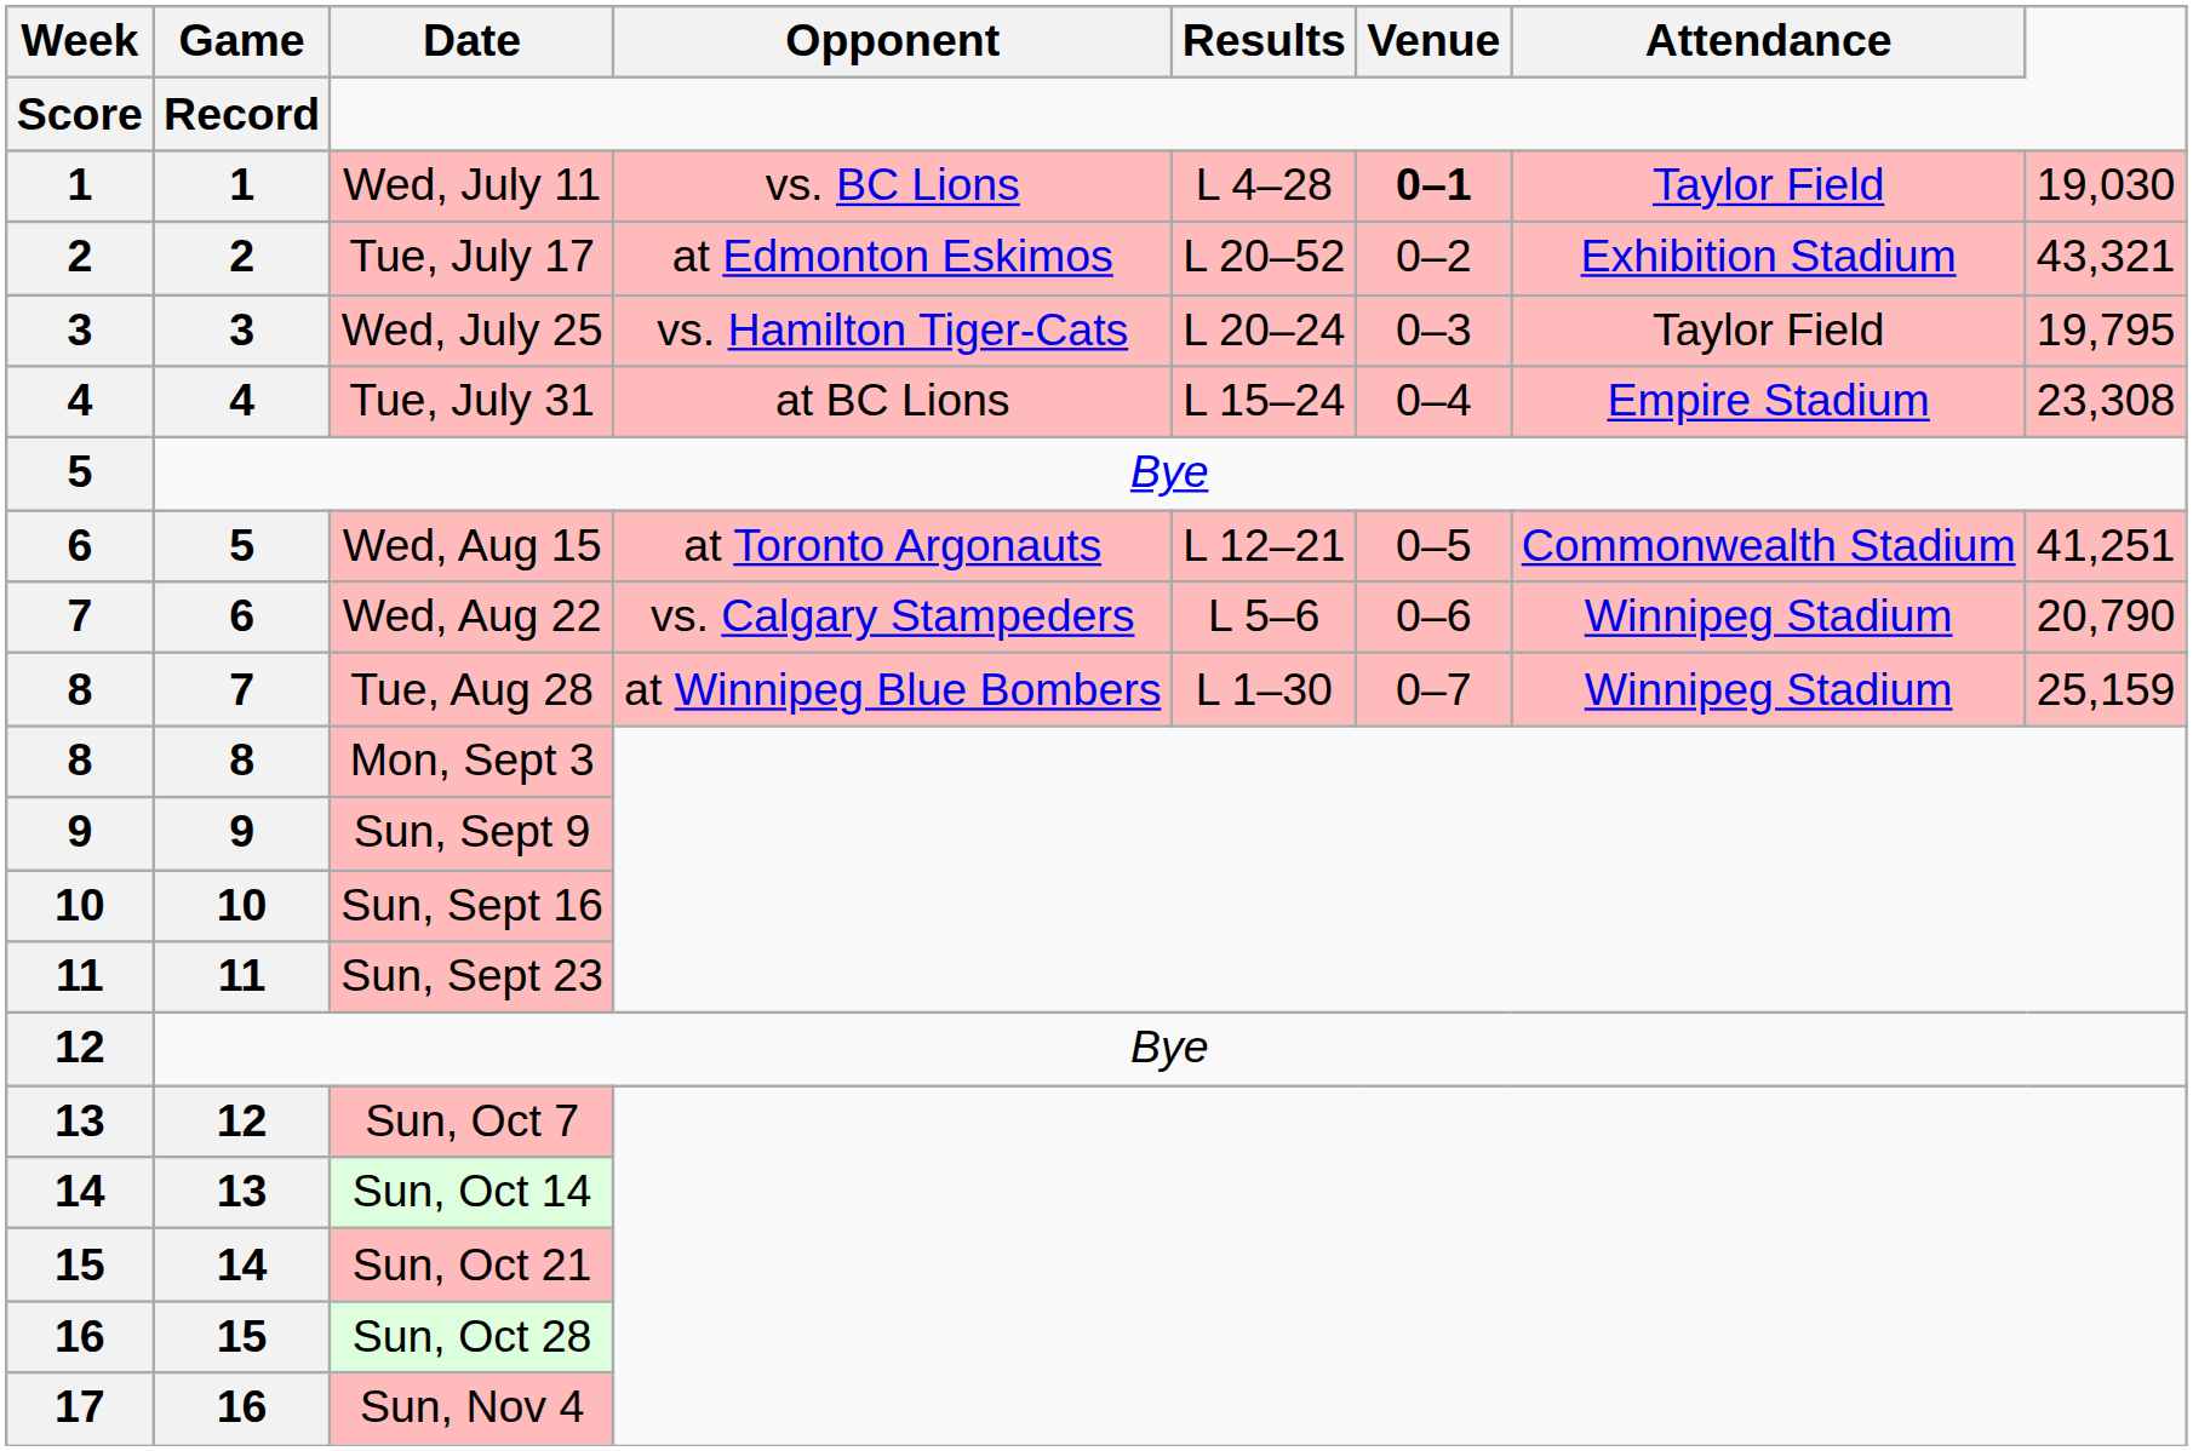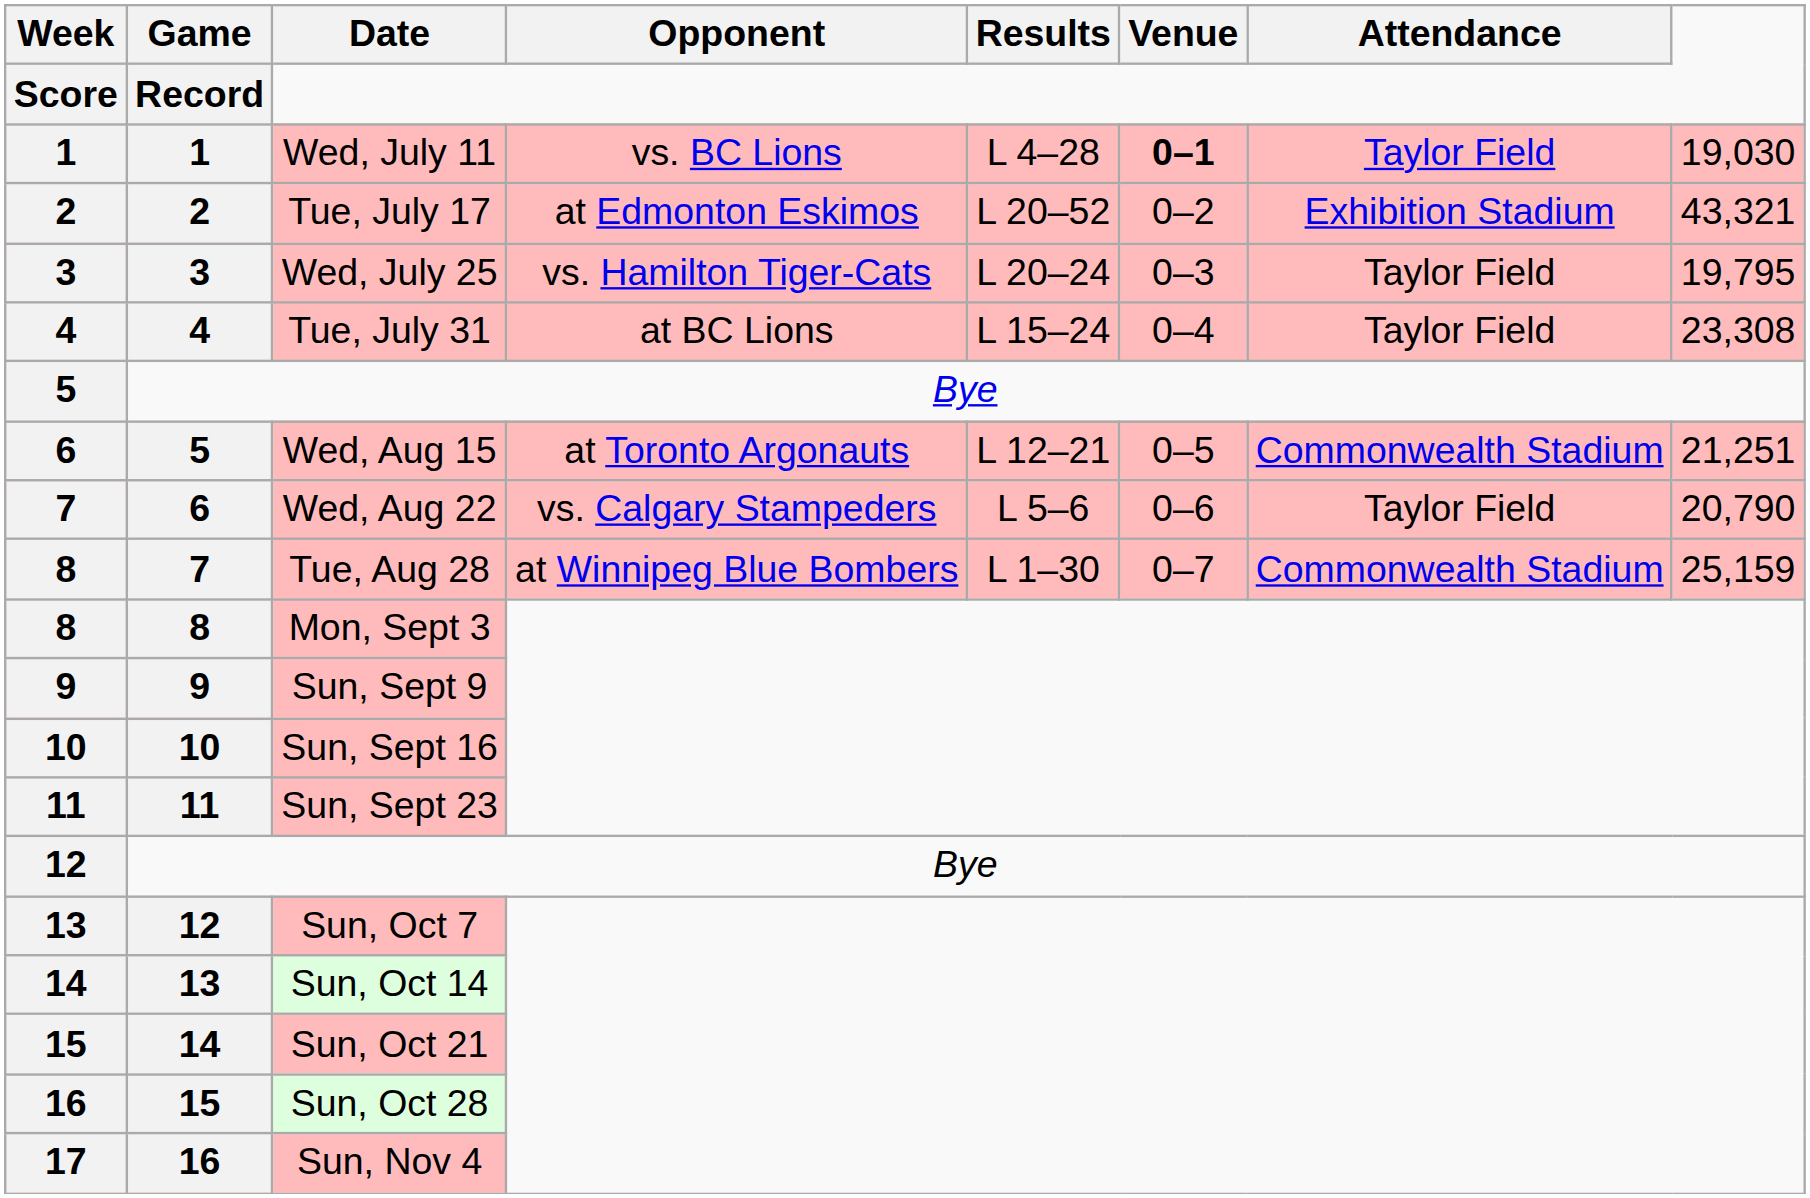 <table class="wikitable" style="text-align:center">
 <tr>
 <th>Week</th>
 <th>Game</th>
 <th>Date</th>
 <th>Opponent</th>
 <th>Results</th>
 <th>Venue</th>
 <th>Attendance</th>
 </tr>
 <tr>
 <th>Score</th>
 <th>Record</th>
 </tr>
 <tr style="background:#ffbbbb">
 <th>1</th>
 <th>1</th>
 <td>Wed, July 11</td>
 <td>vs. <a href='#'>BC Lions</a></td>
 <td>L 4–28</td>
 <td><strong>0–1</strong></td>
 <td><a href='#'>Taylor Field</a></td>
 <td>19,030</td>
 </tr>
 <tr style="background:#ffbbbb">
 <th>2</th>
 <th>2</th>
 <td>Tue, July 17</td>
 <td>at <a href='#'>Edmonton Eskimos</a></td>
 <td>L 20–52</td>
 <td>0–2</td>
 <td><a href='#'>Exhibition Stadium</a></td>
 <td>43,321</td>
 </tr>
 <tr style="background:#ffbbbb">
 <th>3</th>
 <th>3</th>
 <td>Wed, July 25</td>
 <td>vs. <a href='#'>Hamilton Tiger-Cats</a></td>
 <td>L 20–24</td>
 <td>0–3</td>
 <td>Taylor Field</td>
 <td>19,795</td>
 </tr>
 <tr style="background:#ffbbbb">
 <th>4</th>
 <th>4</th>
 <td>Tue, July 31</td>
 <td>at BC Lions</td>
 <td>L 15–24</td>
 <td>0–4</td>
-<td><a href='#'>Empire Stadium</a></td>
+<td>Taylor Field</td>
 <td>23,308</td>
 </tr>
 <tr>
 <th>5</th>
 <td colspan="7"><em><a href='#'>Bye</a></em></td>
 </tr>
 <tr style="background:#ffbbbb">
 <th>6</th>
 <th>5</th>
 <td>Wed, Aug 15</td>
 <td>at <a href='#'>Toronto Argonauts</a></td>
 <td>L 12–21</td>
 <td>0–5</td>
 <td><a href='#'>Commonwealth Stadium</a></td>
-<td>41,251</td>
+<td>21,251</td>
 </tr>
 <tr style="background:#ffbbbb">
 <th>7</th>
 <th>6</th>
 <td>Wed, Aug 22</td>
 <td>vs. <a href='#'>Calgary Stampeders</a></td>
 <td>L 5–6</td>
 <td>0–6</td>
-<td><a href='#'>Winnipeg Stadium</a></td>
+<td>Taylor Field</td>
 <td>20,790</td>
 </tr>
 <tr style="background:#ffbbbb">
 <th>8</th>
 <th>7</th>
 <td>Tue, Aug 28</td>
 <td>at <a href='#'>Winnipeg Blue Bombers</a></td>
 <td>L 1–30</td>
 <td>0–7</td>
-<td><a href='#'>Winnipeg Stadium</a></td>
+<td><a href='#'>Commonwealth Stadium</a></td>
 <td>25,159</td>
 </tr>
 <tr style="background:#ffbbbb">
 <th>8</th>
 <th>8</th>
 <td>Mon, Sept 3</td>
 </tr>
 <tr style="background:#ffbbbb">
 <th>9</th>
 <th>9</th>
 <td>Sun, Sept 9</td>
 </tr>
 <tr style="background:#ffbbbb">
 <th>10</th>
 <th>10</th>
 <td>Sun, Sept 16</td>
 </tr>
 <tr style="background:#ffbbbb">
 <th>11</th>
 <th>11</th>
 <td>Sun, Sept 23</td>
 </tr>
 <tr>
 <th>12</th>
 <td colspan="7"><em>Bye</em></td>
 </tr>
 <tr style="background:#ffbbbb">
 <th>13</th>
 <th>12</th>
 <td>Sun, Oct 7</td>
 </tr>
 <tr style="background:#ddffdd">
 <th>14</th>
 <th>13</th>
 <td>Sun, Oct 14</td>
 </tr>
 <tr style="background:#ffbbbb">
 <th>15</th>
 <th>14</th>
 <td>Sun, Oct 21</td>
 </tr>
 <tr style="background:#ddffdd">
 <th>16</th>
 <th>15</th>
 <td>Sun, Oct 28</td>
 </tr>
 <tr style="background:#ffbbbb">
 <th>17</th>
 <th>16</th>
 <td>Sun, Nov 4</td>
 </tr>
 </table>
